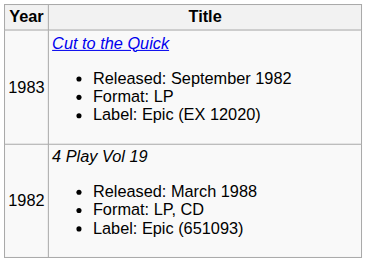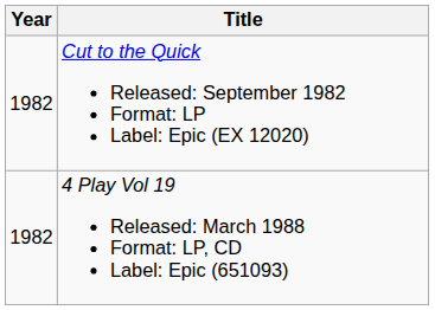 <table class="wikitable">
 <tr>
 <th width="33">Year</th>
 <th width="300">Title</th>
 </tr>
 <tr>
-<td align="center">1983</td>
+<td align="center">1982</td>
 <td><em><a href='#'>Cut to the Quick</a></em><br><ul><li>Released: September 1982</li><li>Format: LP</li><li>Label: Epic (EX 12020)</li></ul></td>
 </tr>
 <tr>
 <td align="center">1982</td>
 <td><em>4 Play Vol 19</em><br><ul><li>Released: March 1988</li><li>Format: LP, CD</li><li>Label: Epic (651093)</li></ul></td>
 </tr>
 </table>
